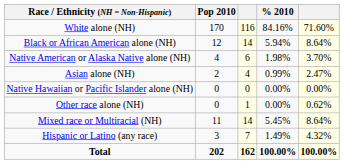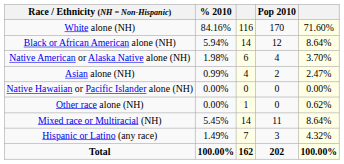 <table class="wikitable" style="text-align:center;">
 <tr>
 <th>Race / Ethnicity <small>(<em>NH = Non-Hispanic</em>)</small></th>
+<th>% 2010</th>
+<th></th>
 <th>Pop 2010</th>
-<th></th>
-<th>% 2010</th>
 <th></th>
 </tr>
 <tr>
 <td><a href='#'>White</a> alone (NH)</td>
+<td>84.16%</td>
+<td style='background: #ffffe6;'>116</td>
 <td>170</td>
-<td style='background: #ffffe6;'>116</td>
-<td>84.16%</td>
 <td style='background: #ffffe6;'>71.60%</td>
 </tr>
 <tr>
 <td><a href='#'>Black or African American</a> alone (NH)</td>
+<td>5.94%</td>
+<td style='background: #ffffe6;'>14</td>
 <td>12</td>
-<td style='background: #ffffe6;'>14</td>
-<td>5.94%</td>
 <td style='background: #ffffe6;'>8.64%</td>
 </tr>
 <tr>
 <td><a href='#'>Native American</a> or <a href='#'>Alaska Native</a> alone (NH)</td>
+<td>1.98%</td>
+<td style='background: #ffffe6;'>6</td>
 <td>4</td>
-<td style='background: #ffffe6;'>6</td>
-<td>1.98%</td>
 <td style='background: #ffffe6;'>3.70%</td>
 </tr>
 <tr>
 <td><a href='#'>Asian</a> alone (NH)</td>
+<td>0.99%</td>
+<td style='background: #ffffe6;'>4</td>
 <td>2</td>
-<td style='background: #ffffe6;'>4</td>
-<td>0.99%</td>
 <td style='background: #ffffe6;'>2.47%</td>
 </tr>
 <tr>
 <td><a href='#'>Native Hawaiian</a> or <a href='#'>Pacific Islander</a> alone (NH)</td>
+<td>0.00%</td>
+<td style='background: #ffffe6;'>0</td>
 <td>0</td>
-<td style='background: #ffffe6;'>0</td>
-<td>0.00%</td>
 <td style='background: #ffffe6;'>0.00%</td>
 </tr>
 <tr>
 <td><a href='#'>Other race</a> alone (NH)</td>
+<td>0.00%</td>
+<td style='background: #ffffe6;'>1</td>
 <td>0</td>
-<td style='background: #ffffe6;'>1</td>
-<td>0.00%</td>
 <td style='background: #ffffe6;'>0.62%</td>
 </tr>
 <tr>
 <td><a href='#'>Mixed race or Multiracial</a> (NH)</td>
+<td>5.45%</td>
+<td style='background: #ffffe6;'>14</td>
 <td>11</td>
-<td style='background: #ffffe6;'>14</td>
-<td>5.45%</td>
 <td style='background: #ffffe6;'>8.64%</td>
 </tr>
 <tr>
 <td><a href='#'>Hispanic or Latino</a> (any race)</td>
+<td>1.49%</td>
+<td style='background: #ffffe6;'>7</td>
 <td>3</td>
-<td style='background: #ffffe6;'>7</td>
-<td>1.49%</td>
 <td style='background: #ffffe6;'>4.32%</td>
 </tr>
 <tr>
 <td><strong>Total</strong></td>
+<td><strong>100.00%</strong></td>
+<td style='background: #ffffe6;'><strong>162</strong></td>
 <td><strong>202</strong></td>
-<td style='background: #ffffe6;'><strong>162</strong></td>
-<td><strong>100.00%</strong></td>
 <td style='background: #ffffe6;'><strong>100.00%</strong></td>
 </tr>
 </table>
